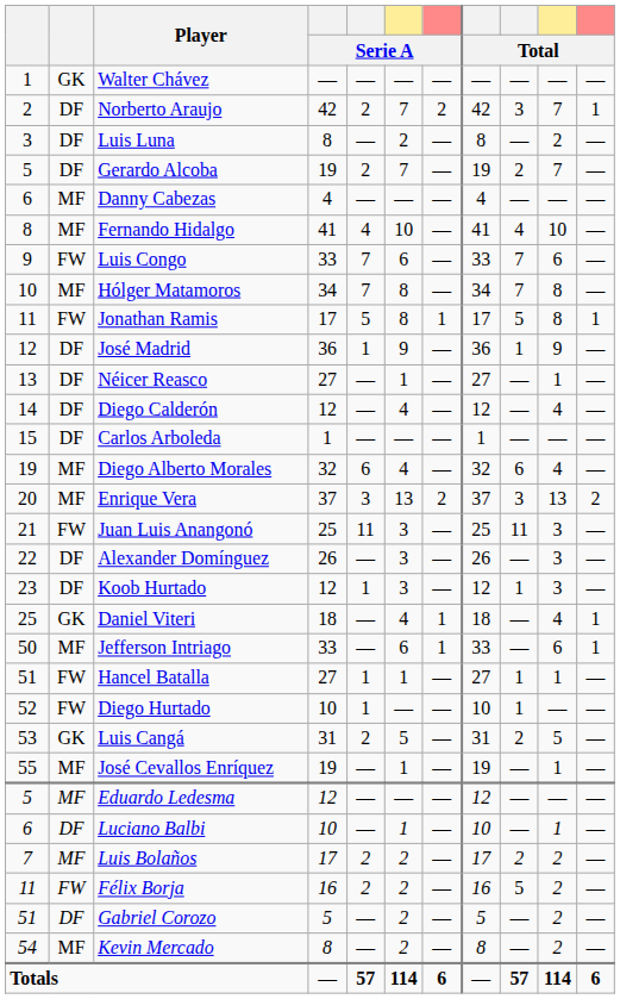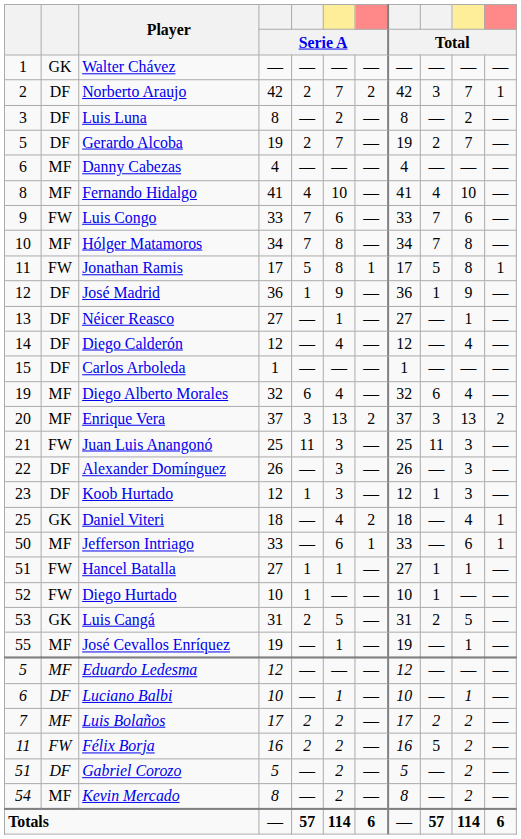 <table class="wikitable sortable" style="text-align: center">
 <tr>
 <th rowspan="2" width=30 align="center"><br></th>
 <th rowspan="2" width=30 align="center"><br></th>
 <th rowspan="2" width=175 align="center">Player<br></th>
 <th width=25 style="background:"><br></th>
 <th width=25 style="background:"><br></th>
 <th width=25 style="background: #FFEE99"><br></th>
 <th width=25 style="border-right:2px solid grey; background:#FF8888"><br></th>
 <th width=25 style="background:"><br></th>
 <th width=25 style="background:"><br></th>
 <th width=25 style="background: #FFEE99"><br></th>
 <th width=25 style="background: #FF8888"><br></th>
 </tr>
 <tr class="sortbottom">
 <th colspan="4" style="border-right:2px solid grey;" align="center"><a href='#'>Serie A</a></th>
 <th colspan="4" align="center">Total</th>
 </tr>
 <tr>
 <td>1</td>
 <td>GK</td>
 <td align=left><a href='#'>Walter Chávez</a></td>
 <td>—</td>
 <td>—</td>
 <td>—</td>
 <td>—</td>
 <td style="border-left:2px solid grey">—</td>
 <td>—</td>
 <td>—</td>
 <td>—</td>
 </tr>
 <tr>
 <td>2</td>
 <td>DF</td>
 <td align=left><a href='#'>Norberto Araujo</a></td>
 <td>42</td>
 <td>2</td>
 <td>7</td>
 <td>2</td>
 <td style="border-left:2px solid grey">42</td>
 <td>3</td>
 <td>7</td>
 <td>1</td>
 </tr>
 <tr>
 <td>3</td>
 <td>DF</td>
 <td align=left><a href='#'>Luis Luna</a></td>
 <td>8</td>
 <td>—</td>
 <td>2</td>
 <td>—</td>
 <td style="border-left:2px solid grey">8</td>
 <td>—</td>
 <td>2</td>
 <td>—</td>
 </tr>
 <tr>
 <td>5</td>
 <td>DF</td>
 <td align=left><a href='#'>Gerardo Alcoba</a></td>
 <td>19</td>
 <td>2</td>
 <td>7</td>
 <td>—</td>
 <td style="border-left:2px solid grey">19</td>
 <td>2</td>
 <td>7</td>
 <td>—</td>
 </tr>
 <tr>
 <td>6</td>
 <td>MF</td>
 <td align=left><a href='#'>Danny Cabezas</a></td>
 <td>4</td>
 <td>—</td>
 <td>—</td>
 <td>—</td>
 <td style="border-left:2px solid grey">4</td>
 <td>—</td>
 <td>—</td>
 <td>—</td>
 </tr>
 <tr>
 <td>8</td>
 <td>MF</td>
 <td align=left><a href='#'>Fernando Hidalgo</a></td>
 <td>41</td>
 <td>4</td>
 <td>10</td>
 <td>—</td>
 <td style="border-left:2px solid grey">41</td>
 <td>4</td>
 <td>10</td>
 <td>—</td>
 </tr>
 <tr>
 <td>9</td>
 <td>FW</td>
 <td align=left><a href='#'>Luis Congo</a></td>
 <td>33</td>
 <td>7</td>
 <td>6</td>
 <td>—</td>
 <td style="border-left:2px solid grey">33</td>
 <td>7</td>
 <td>6</td>
 <td>—</td>
 </tr>
 <tr>
 <td>10</td>
 <td>MF</td>
 <td align=left><a href='#'>Hólger Matamoros</a></td>
 <td>34</td>
 <td>7</td>
 <td>8</td>
 <td>—</td>
 <td style="border-left:2px solid grey">34</td>
 <td>7</td>
 <td>8</td>
 <td>—</td>
 </tr>
 <tr>
 <td>11</td>
 <td>FW</td>
 <td align=left><a href='#'>Jonathan Ramis</a></td>
 <td>17</td>
 <td>5</td>
 <td>8</td>
 <td>1</td>
 <td style="border-left:2px solid grey">17</td>
 <td>5</td>
 <td>8</td>
 <td>1</td>
 </tr>
 <tr>
 <td>12</td>
 <td>DF</td>
 <td align=left><a href='#'>José Madrid</a></td>
 <td>36</td>
 <td>1</td>
 <td>9</td>
 <td>—</td>
 <td style="border-left:2px solid grey">36</td>
 <td>1</td>
 <td>9</td>
 <td>—</td>
 </tr>
 <tr>
 <td>13</td>
 <td>DF</td>
 <td align=left><a href='#'>Néicer Reasco</a></td>
 <td>27</td>
 <td>—</td>
 <td>1</td>
 <td>—</td>
 <td style="border-left:2px solid grey">27</td>
 <td>—</td>
 <td>1</td>
 <td>—</td>
 </tr>
 <tr>
 <td>14</td>
 <td>DF</td>
 <td align=left><a href='#'>Diego Calderón</a></td>
 <td>12</td>
 <td>—</td>
 <td>4</td>
 <td>—</td>
 <td style="border-left:2px solid grey">12</td>
 <td>—</td>
 <td>4</td>
 <td>—</td>
 </tr>
 <tr>
 <td>15</td>
 <td>DF</td>
 <td align=left><a href='#'>Carlos Arboleda</a></td>
 <td>1</td>
 <td>—</td>
 <td>—</td>
 <td>—</td>
 <td style="border-left:2px solid grey">1</td>
 <td>—</td>
 <td>—</td>
 <td>—</td>
 </tr>
 <tr>
 <td>19</td>
 <td>MF</td>
 <td align=left><a href='#'>Diego Alberto Morales</a></td>
 <td>32</td>
 <td>6</td>
 <td>4</td>
 <td>—</td>
 <td style="border-left:2px solid grey">32</td>
 <td>6</td>
 <td>4</td>
 <td>—</td>
 </tr>
 <tr>
 <td>20</td>
 <td>MF</td>
 <td align=left><a href='#'>Enrique Vera</a></td>
 <td>37</td>
 <td>3</td>
 <td>13</td>
 <td>2</td>
 <td style="border-left:2px solid grey">37</td>
 <td>3</td>
 <td>13</td>
 <td>2</td>
 </tr>
 <tr>
 <td>21</td>
 <td>FW</td>
 <td align=left><a href='#'>Juan Luis Anangonó</a></td>
 <td>25</td>
 <td>11</td>
 <td>3</td>
 <td>—</td>
 <td style="border-left:2px solid grey">25</td>
 <td>11</td>
 <td>3</td>
 <td>—</td>
 </tr>
 <tr>
 <td>22</td>
 <td>DF</td>
 <td align=left><a href='#'>Alexander Domínguez</a></td>
 <td>26</td>
 <td>—</td>
 <td>3</td>
 <td>—</td>
 <td style="border-left:2px solid grey">26</td>
 <td>—</td>
 <td>3</td>
 <td>—</td>
 </tr>
 <tr>
 <td>23</td>
 <td>DF</td>
 <td align=left><a href='#'>Koob Hurtado</a></td>
 <td>12</td>
 <td>1</td>
 <td>3</td>
 <td>—</td>
 <td style="border-left:2px solid grey">12</td>
 <td>1</td>
 <td>3</td>
 <td>—</td>
 </tr>
 <tr>
 <td>25</td>
 <td>GK</td>
 <td align=left><a href='#'>Daniel Viteri</a></td>
 <td>18</td>
 <td>—</td>
 <td>4</td>
-<td>1</td>
+<td>2</td>
 <td style="border-left:2px solid grey">18</td>
 <td>—</td>
 <td>4</td>
 <td>1</td>
 </tr>
 <tr>
 <td>50</td>
 <td>MF</td>
 <td align=left><a href='#'>Jefferson Intriago</a></td>
 <td>33</td>
 <td>—</td>
 <td>6</td>
 <td>1</td>
 <td style="border-left:2px solid grey">33</td>
 <td>—</td>
 <td>6</td>
 <td>1</td>
 </tr>
 <tr>
 <td>51</td>
 <td>FW</td>
 <td align=left><a href='#'>Hancel Batalla</a></td>
 <td>27</td>
 <td>1</td>
 <td>1</td>
 <td>—</td>
 <td style="border-left:2px solid grey">27</td>
 <td>1</td>
 <td>1</td>
 <td>—</td>
 </tr>
 <tr>
 <td>52</td>
 <td>FW</td>
 <td align=left><a href='#'>Diego Hurtado</a></td>
 <td>10</td>
 <td>1</td>
 <td>—</td>
 <td>—</td>
 <td style="border-left:2px solid grey">10</td>
 <td>1</td>
 <td>—</td>
 <td>—</td>
 </tr>
 <tr>
 <td>53</td>
 <td>GK</td>
 <td align=left><a href='#'>Luis Cangá</a></td>
 <td>31</td>
 <td>2</td>
 <td>5</td>
 <td>—</td>
 <td style="border-left:2px solid grey">31</td>
 <td>2</td>
 <td>5</td>
 <td>—</td>
 </tr>
 <tr>
 <td>55</td>
 <td>MF</td>
 <td align=left><a href='#'>José Cevallos Enríquez</a></td>
 <td>19</td>
 <td>—</td>
 <td>1</td>
 <td>—</td>
 <td style="border-left:2px solid grey">19</td>
 <td>—</td>
 <td>1</td>
 <td>—</td>
 </tr>
 <tr>
 </tr>
 <tr style="border-top:2px solid grey">
 <td><em>5</em></td>
 <td><em>MF</em></td>
 <td align=left><em><a href='#'>Eduardo Ledesma</a></em></td>
 <td><em>12</em></td>
 <td>—</td>
 <td>—</td>
 <td>—</td>
 <td style="border-left:2px solid grey"><em>12</em></td>
 <td>—</td>
 <td>—</td>
 <td>—</td>
 </tr>
 <tr>
 <td><em>6</em></td>
 <td><em>DF</em></td>
 <td align=left><em><a href='#'>Luciano Balbi</a></em></td>
 <td><em>10</em></td>
 <td>—</td>
 <td><em>1</em></td>
 <td>—</td>
 <td style="border-left:2px solid grey"><em>10</em></td>
 <td>—</td>
 <td><em>1</em></td>
 <td>—</td>
 </tr>
 <tr>
 <td><em>7</em></td>
 <td><em>MF</em></td>
 <td align=left><em><a href='#'>Luis Bolaños</a></em></td>
 <td><em>17</em></td>
 <td><em>2</em></td>
 <td><em>2</em></td>
 <td>—</td>
 <td style="border-left:2px solid grey"><em>17</em></td>
 <td><em>2</em></td>
 <td><em>2</em></td>
 <td>—</td>
 </tr>
 <tr>
 <td><em>11</em></td>
 <td><em>FW</em></td>
 <td align=left><em><a href='#'>Félix Borja</a></em></td>
 <td><em>16</em></td>
 <td><em>2</em></td>
 <td><em>2</em></td>
 <td>—</td>
 <td style="border-left:2px solid grey"><em>16</em></td>
 <td>5</td>
 <td><em>2</em></td>
 <td>—</td>
 </tr>
 <tr>
 <td><em>51</em></td>
 <td><em>DF</em></td>
 <td align=left><em><a href='#'>Gabriel Corozo</a></em></td>
 <td><em>5</em></td>
 <td>—</td>
 <td><em>2</em></td>
 <td>—</td>
 <td style="border-left:2px solid grey"><em>5</em></td>
 <td>—</td>
 <td><em>2</em></td>
 <td>—</td>
 </tr>
 <tr>
 <td><em>54</em></td>
 <td>MF</td>
 <td align=left><em><a href='#'>Kevin Mercado</a></em></td>
 <td><em>8</em></td>
 <td>—</td>
 <td><em>2</em></td>
 <td>—</td>
 <td style="border-left:2px solid grey"><em>8</em></td>
 <td>—</td>
 <td><em>2</em></td>
 <td>—</td>
 </tr>
 <tr>
 </tr>
 <tr class="sortbottom" style="border-top:2px solid grey">
 <td colspan=3 align=left><strong>Totals</strong></td>
 <td>—</td>
 <td><strong>57</strong></td>
 <td><strong>114</strong></td>
 <td><strong>6</strong></td>
 <td style="border-left:2px solid grey">—</td>
 <td><strong>57</strong></td>
 <td><strong>114</strong></td>
 <td><strong>6</strong></td>
 </tr>
 </table>
